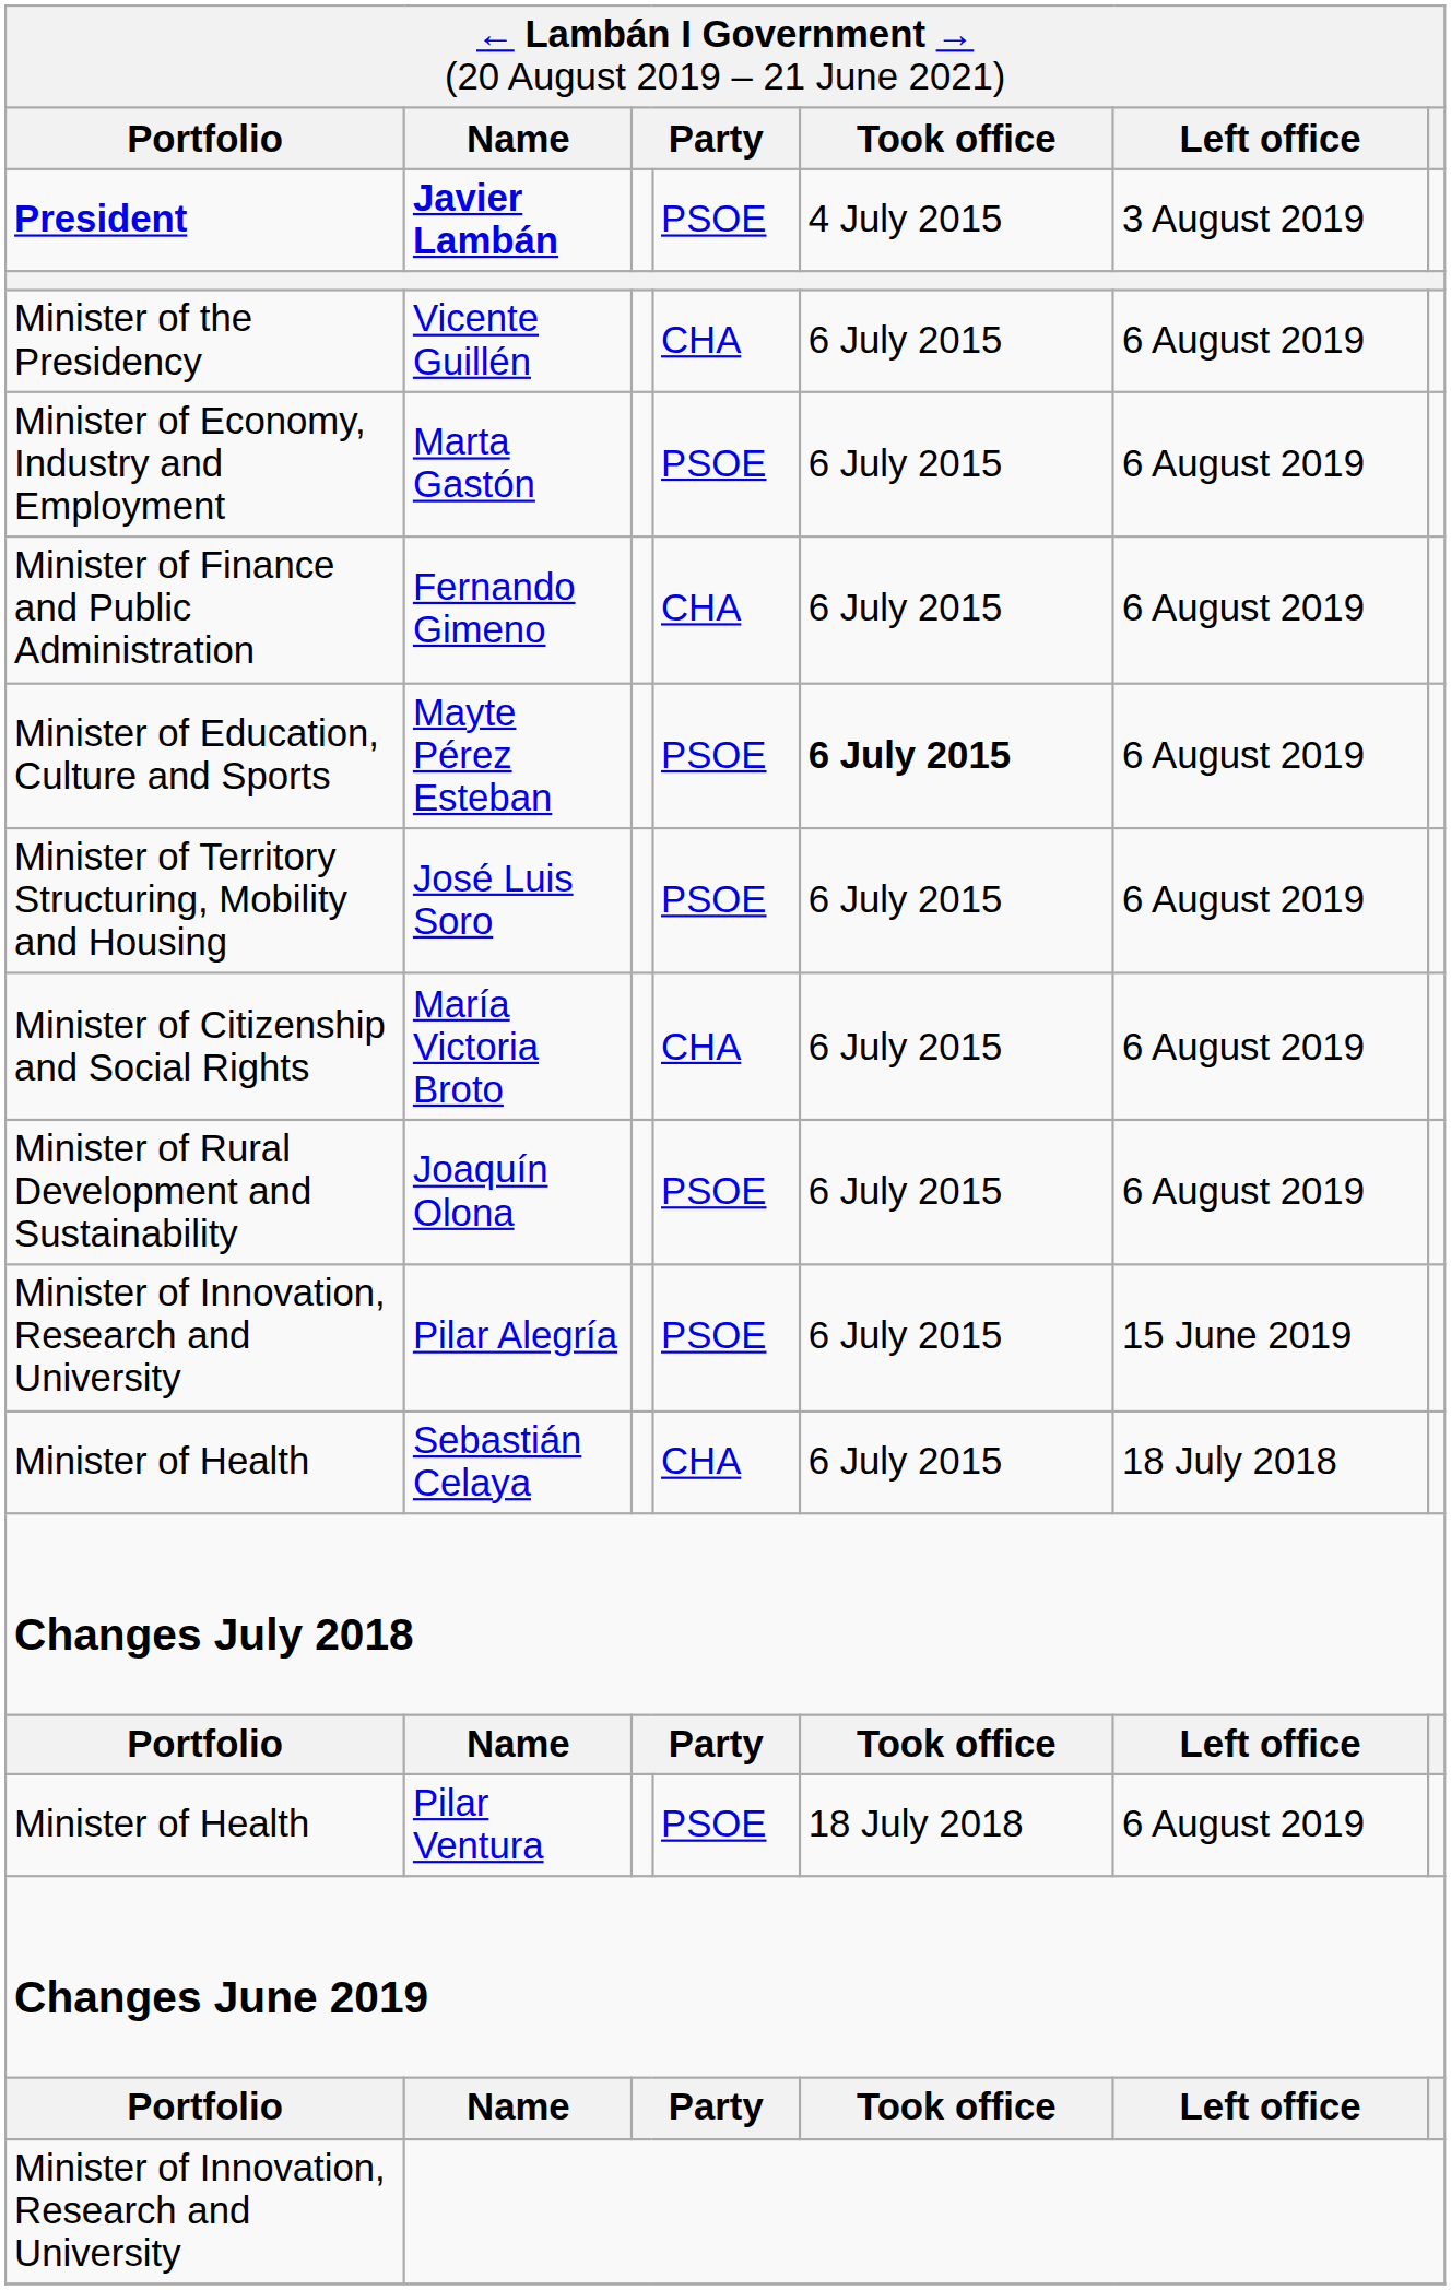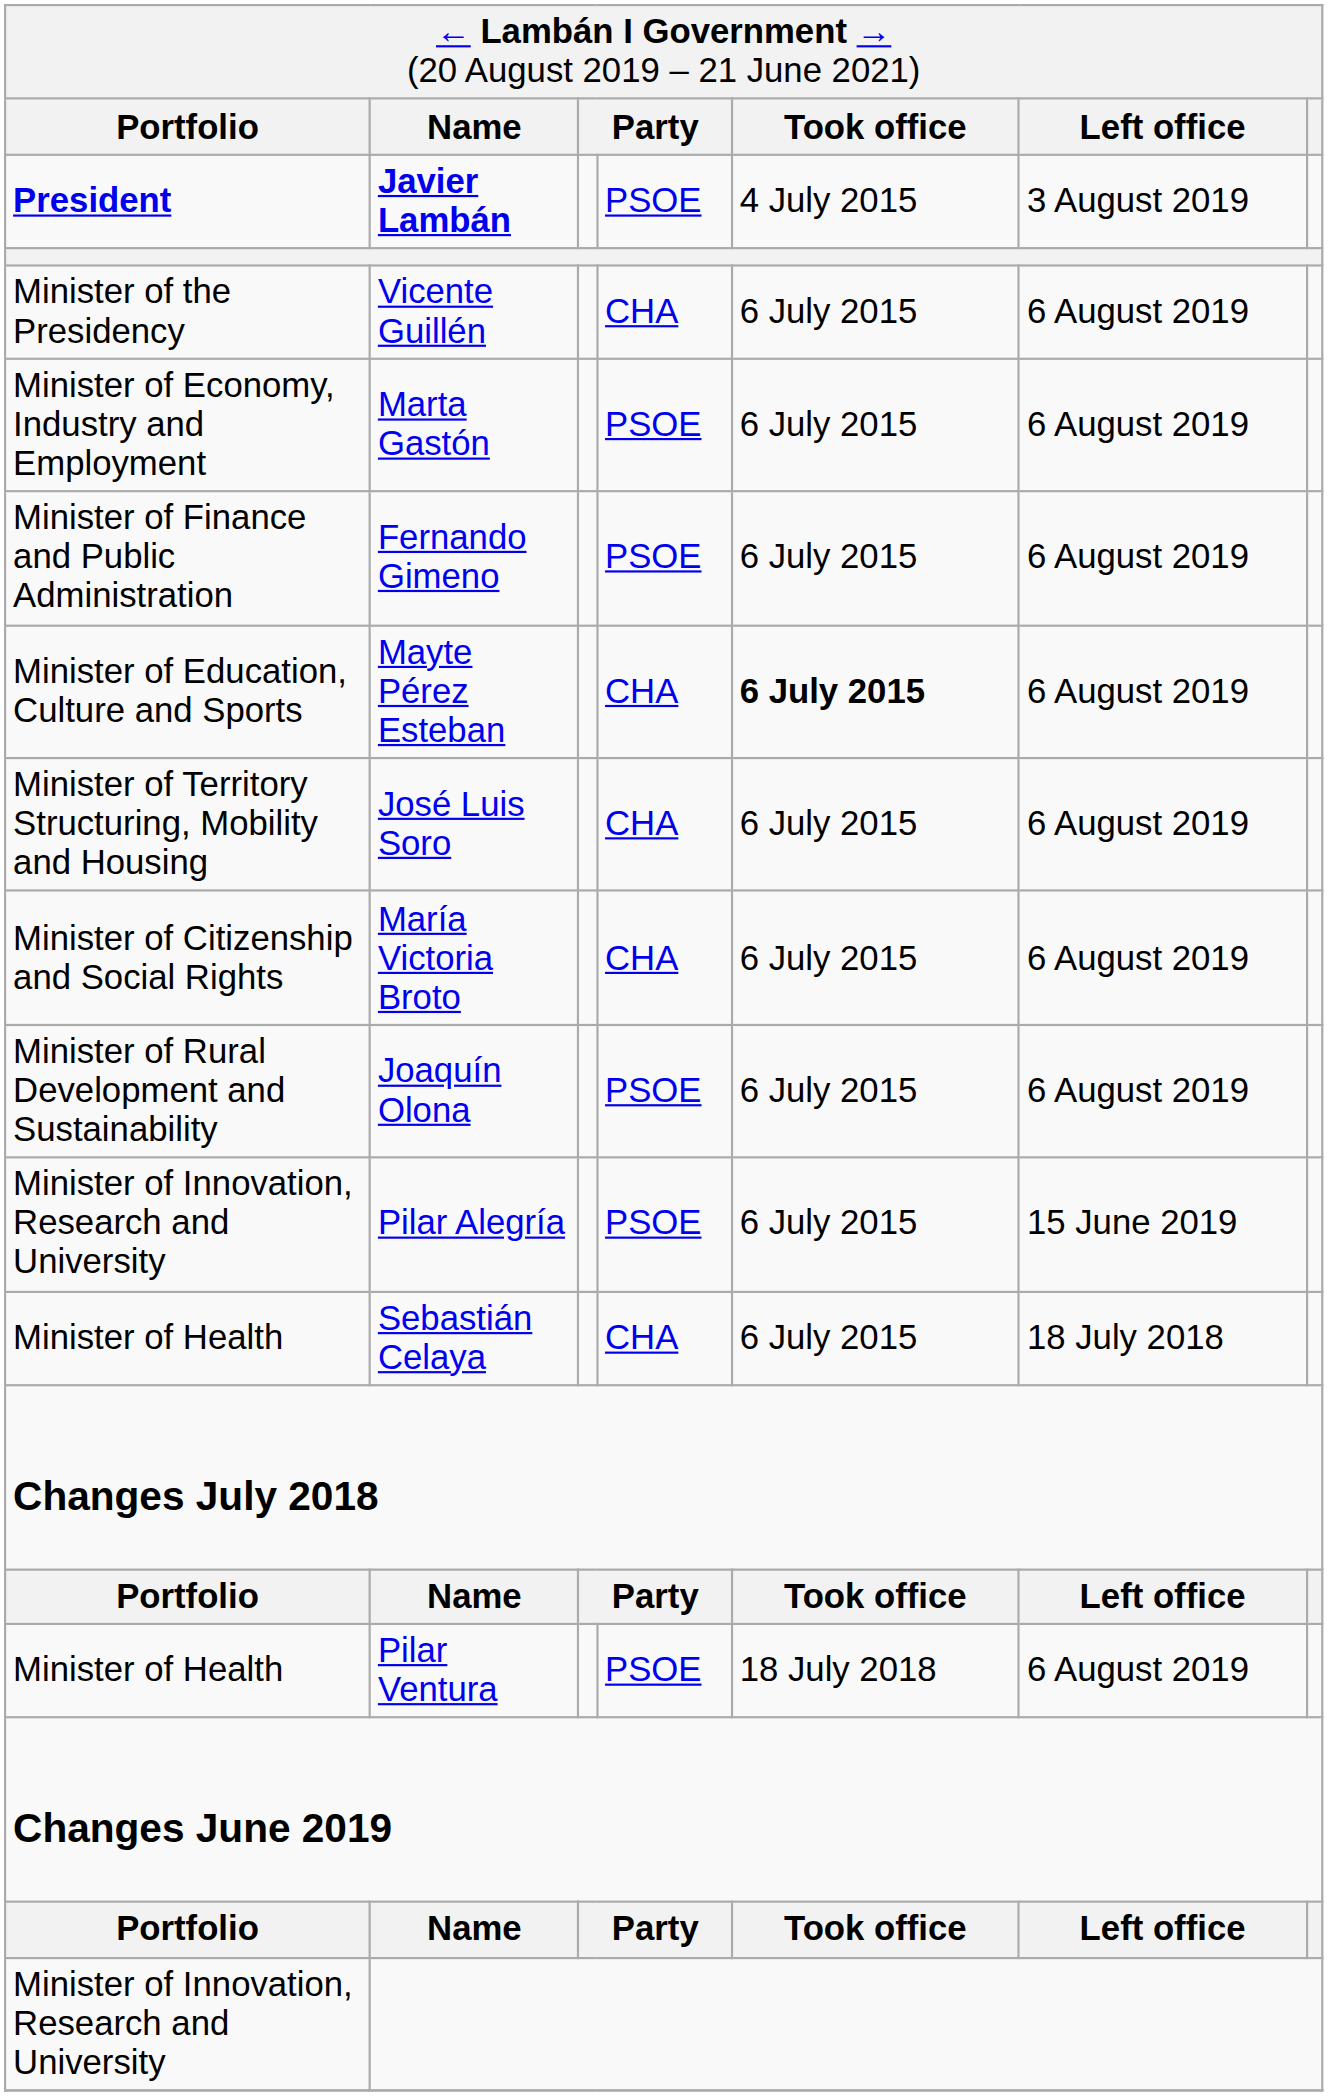 <table class="wikitable">
 <tr>
 <td colspan="7" bgcolor="#F2F2F2" align="center"><a href='#'>←</a> <strong>Lambán I Government</strong> <a href='#'>→</a><br>(20 August 2019 – 21 June 2021)</td>
 </tr>
 <tr>
 <th>Portfolio</th>
 <th>Name</th>
 <th width="100px" colspan="2">Party</th>
 <th width="125px">Took office</th>
 <th width="125px">Left office</th>
 <th></th>
 </tr>
 <tr>
 <td><strong><a href='#'>President</a></strong></td>
 <td><strong><a href='#'>Javier Lambán</a></strong></td>
 <td width="1" style="background-color:"></td>
 <td><a href='#'>PSOE</a></td>
 <td>4 July 2015</td>
 <td>3 August 2019</td>
 <td align="center"></td>
 </tr>
 <tr>
 <th colspan="7"></th>
 </tr>
 <tr>
 <td>Minister of the Presidency</td>
 <td><a href='#'>Vicente Guillén</a></td>
 <td style="background-color:"></td>
 <td><a href='#'>CHA</a></td>
 <td>6 July 2015</td>
 <td>6 August 2019</td>
 <td align="center"></td>
 </tr>
 <tr>
 <td>Minister of Economy, Industry and Employment</td>
 <td><a href='#'>Marta Gastón</a></td>
 <td style="background-color:"></td>
 <td><a href='#'>PSOE</a></td>
 <td>6 July 2015</td>
 <td>6 August 2019</td>
 <td align="center"></td>
 </tr>
 <tr>
 <td>Minister of Finance and Public Administration</td>
 <td><a href='#'>Fernando Gimeno</a></td>
 <td style="background-color:"></td>
-<td><a href='#'>CHA</a></td>
+<td><a href='#'>PSOE</a></td>
 <td>6 July 2015</td>
 <td>6 August 2019</td>
 <td align="center"></td>
 </tr>
 <tr>
 <td>Minister of Education, Culture and Sports</td>
 <td><a href='#'>Mayte Pérez Esteban</a></td>
 <td style="background-color:"></td>
-<td><a href='#'>PSOE</a></td>
+<td><a href='#'>CHA</a></td>
 <td><strong>6 July 2015</strong></td>
 <td>6 August 2019</td>
 <td align="center"></td>
 </tr>
 <tr>
 <td>Minister of Territory Structuring, Mobility and Housing</td>
 <td><a href='#'>José Luis Soro</a></td>
 <td style="background-color:"></td>
-<td><a href='#'>PSOE</a></td>
+<td><a href='#'>CHA</a></td>
 <td>6 July 2015</td>
 <td>6 August 2019</td>
 <td align="center"></td>
 </tr>
 <tr>
 <td>Minister of Citizenship and Social Rights</td>
 <td><a href='#'>María Victoria Broto</a></td>
 <td style="background-color:"></td>
 <td><a href='#'>CHA</a></td>
 <td>6 July 2015</td>
 <td>6 August 2019</td>
 <td align="center"></td>
 </tr>
 <tr>
 <td>Minister of Rural Development and Sustainability</td>
 <td><a href='#'>Joaquín Olona</a></td>
 <td style="background-color:"></td>
 <td><a href='#'>PSOE</a></td>
 <td>6 July 2015</td>
 <td>6 August 2019</td>
 <td align="center"></td>
 </tr>
 <tr>
 <td>Minister of Innovation, Research and University</td>
 <td><a href='#'>Pilar Alegría</a></td>
 <td style="background-color:"></td>
 <td><a href='#'>PSOE</a></td>
 <td>6 July 2015</td>
 <td>15 June 2019</td>
 <td align="center"></td>
 </tr>
 <tr>
 <td>Minister of Health</td>
 <td><a href='#'>Sebastián Celaya</a></td>
 <td style="background-color:"></td>
 <td><a href='#'>CHA</a></td>
 <td>6 July 2015</td>
 <td>18 July 2018</td>
 <td align="center"></td>
 </tr>
 <tr>
 <td colspan="7"><br><h3>Changes July 2018</h3></td>
 </tr>
 <tr>
 <th>Portfolio</th>
 <th>Name</th>
 <th colspan="2">Party</th>
 <th>Took office</th>
 <th>Left office</th>
 <th></th>
 </tr>
 <tr>
 <td>Minister of Health</td>
 <td><a href='#'>Pilar Ventura</a></td>
 <td style="background-color:"></td>
 <td><a href='#'>PSOE</a></td>
 <td>18 July 2018</td>
 <td>6 August 2019</td>
 <td align="center"></td>
 </tr>
 <tr>
 <td colspan="7"><br><h3>Changes June 2019</h3></td>
 </tr>
 <tr>
 <th>Portfolio</th>
 <th>Name</th>
 <th colspan="2">Party</th>
 <th>Took office</th>
 <th>Left office</th>
 <th></th>
 </tr>
 <tr>
 <td>Minister of Innovation, Research and University</td>
 <td colspan="6"></td>
 </tr>
 <tr>
 </tr>
 </table>
